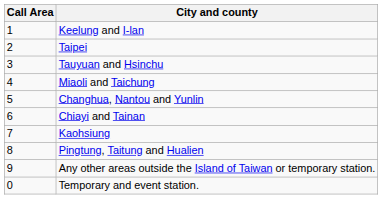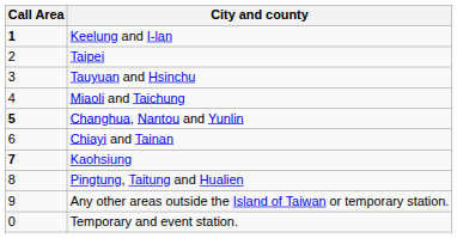 <table class="wikitable">
 <tr>
 <th>Call Area</th>
 <th>City and county</th>
 </tr>
 <tr>
-<td>1</td>
+<td><strong>1</strong></td>
 <td><a href='#'>Keelung</a> and <a href='#'>I-lan</a></td>
 </tr>
 <tr>
 <td>2</td>
 <td><a href='#'>Taipei</a></td>
 </tr>
 <tr>
 <td>3</td>
 <td><a href='#'>Tauyuan</a> and <a href='#'>Hsinchu</a></td>
 </tr>
 <tr>
 <td>4</td>
 <td><a href='#'>Miaoli</a> and <a href='#'>Taichung</a></td>
 </tr>
 <tr>
-<td>5</td>
+<td><strong>5</strong></td>
 <td><a href='#'>Changhua</a>, <a href='#'>Nantou</a> and <a href='#'>Yunlin</a></td>
 </tr>
 <tr>
 <td>6</td>
 <td><a href='#'>Chiayi</a> and <a href='#'>Tainan</a></td>
 </tr>
 <tr>
-<td>7</td>
+<td><strong>7</strong></td>
 <td><a href='#'>Kaohsiung</a></td>
 </tr>
 <tr>
 <td>8</td>
 <td><a href='#'>Pingtung</a>, <a href='#'>Taitung</a> and <a href='#'>Hualien</a></td>
 </tr>
 <tr>
 <td>9</td>
 <td>Any other areas outside the <a href='#'>Island of Taiwan</a> or temporary station.</td>
 </tr>
 <tr>
 <td>0</td>
 <td>Temporary and event station.</td>
 </tr>
 </table>
